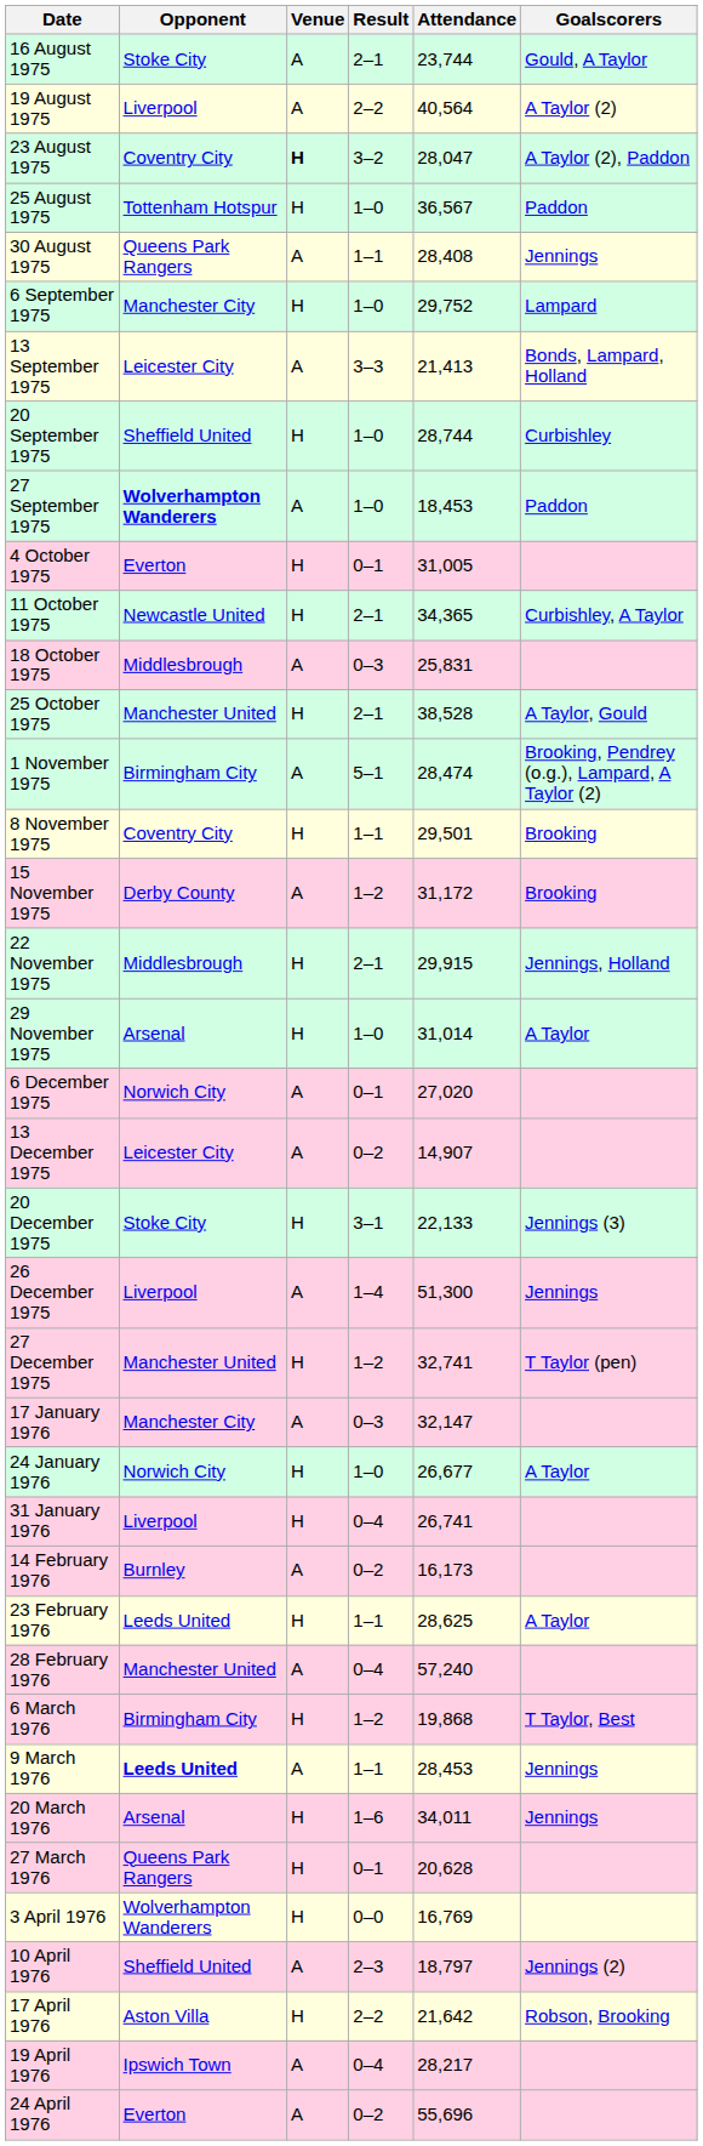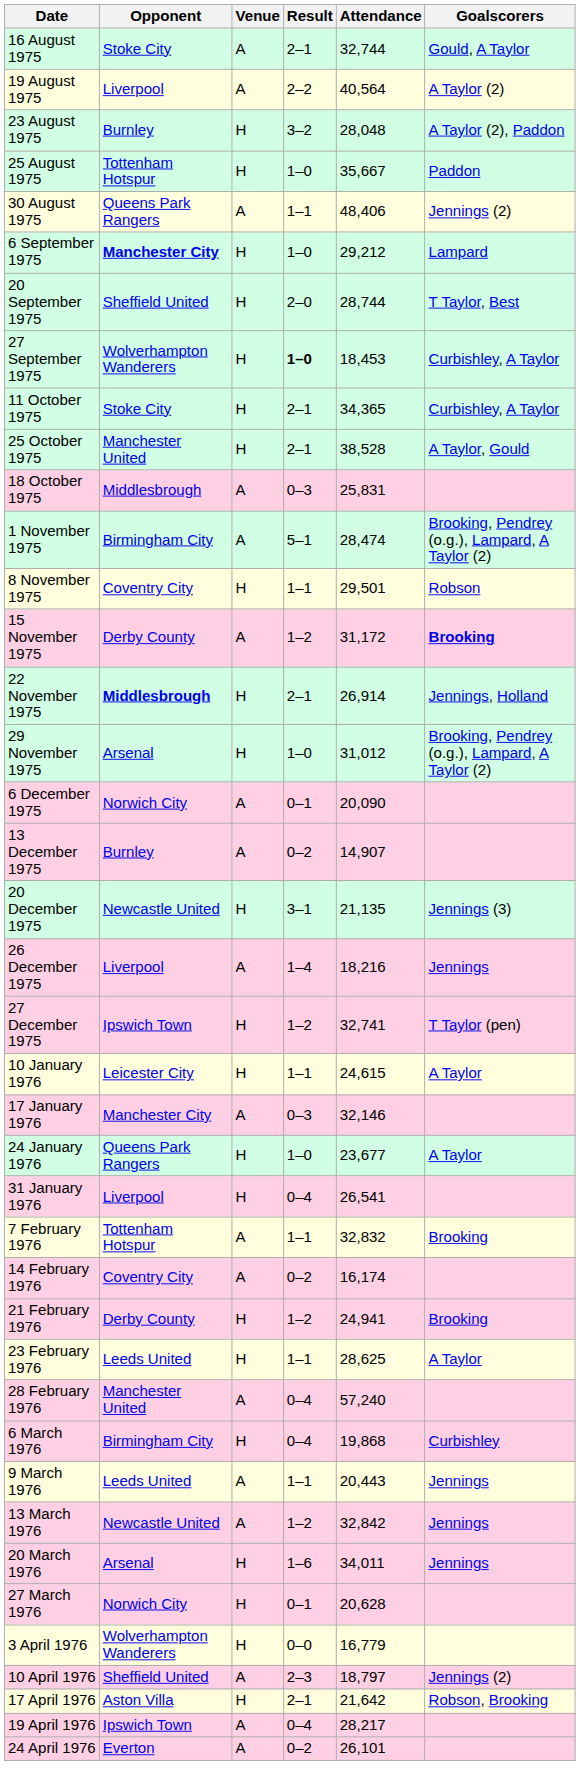 <table class="wikitable">
 <tr>
 <th>Date</th>
 <th>Opponent</th>
 <th>Venue</th>
 <th>Result</th>
 <th>Attendance</th>
 <th>Goalscorers</th>
 </tr>
 <tr style="background-color: #d0ffe3;">
 <td>16 August 1975</td>
 <td><a href='#'>Stoke City</a></td>
 <td>A</td>
 <td>2–1</td>
-<td>23,744</td>
+<td>32,744</td>
 <td><a href='#'>Gould</a>, <a href='#'>A Taylor</a></td>
 </tr>
 <tr style="background-color: #ffffdd;">
 <td>19 August 1975</td>
 <td><a href='#'>Liverpool</a></td>
 <td>A</td>
 <td>2–2</td>
 <td>40,564</td>
 <td><a href='#'>A Taylor</a> (2)</td>
 </tr>
 <tr style="background-color: #d0ffe3;">
 <td>23 August 1975</td>
-<td><a href='#'>Coventry City</a></td>
-<td><strong>H</strong></td>
+<td><a href='#'>Burnley</a></td>
+<td>H</td>
 <td>3–2</td>
-<td>28,047</td>
+<td>28,048</td>
 <td><a href='#'>A Taylor</a> (2), <a href='#'>Paddon</a></td>
 </tr>
 <tr style="background-color: #d0ffe3;">
 <td>25 August 1975</td>
 <td><a href='#'>Tottenham Hotspur</a></td>
 <td>H</td>
 <td>1–0</td>
-<td>36,567</td>
+<td>35,667</td>
 <td><a href='#'>Paddon</a></td>
 </tr>
 <tr style="background-color: #ffffdd;">
 <td>30 August 1975</td>
 <td><a href='#'>Queens Park Rangers</a></td>
 <td>A</td>
 <td>1–1</td>
-<td>28,408</td>
-<td><a href='#'>Jennings</a></td>
+<td>48,406</td>
+<td><a href='#'>Jennings</a> (2)</td>
 </tr>
 <tr style="background-color: #d0ffe3;">
 <td>6 September 1975</td>
-<td><a href='#'>Manchester City</a></td>
+<td><strong><a href='#'>Manchester City</a></strong></td>
 <td>H</td>
 <td>1–0</td>
-<td>29,752</td>
+<td>29,212</td>
 <td><a href='#'>Lampard</a></td>
-</tr>
-<tr style="background-color: #ffffdd;">
-<td>13 September 1975</td>
-<td><a href='#'>Leicester City</a></td>
-<td>A</td>
-<td>3–3</td>
-<td>21,413</td>
-<td><a href='#'>Bonds</a>, <a href='#'>Lampard</a>, <a href='#'>Holland</a></td>
 </tr>
 <tr style="background-color: #d0ffe3;">
 <td>20 September 1975</td>
 <td><a href='#'>Sheffield United</a></td>
 <td>H</td>
-<td>1–0</td>
+<td>2–0</td>
 <td>28,744</td>
-<td><a href='#'>Curbishley</a></td>
+<td><a href='#'>T Taylor</a>, <a href='#'>Best</a></td>
 </tr>
 <tr style="background-color: #d0ffe3;">
 <td>27 September 1975</td>
-<td><strong><a href='#'>Wolverhampton Wanderers</a></strong></td>
-<td>A</td>
-<td>1–0</td>
+<td><a href='#'>Wolverhampton Wanderers</a></td>
+<td>H</td>
+<td><strong>1–0</strong></td>
 <td>18,453</td>
-<td><a href='#'>Paddon</a></td>
-</tr>
-<tr style="background-color: #ffd0e3;">
-<td>4 October 1975</td>
-<td><a href='#'>Everton</a></td>
-<td>H</td>
-<td>0–1</td>
-<td>31,005</td>
-<td></td>
+<td><a href='#'>Curbishley</a>, <a href='#'>A Taylor</a></td>
 </tr>
 <tr style="background-color: #d0ffe3;">
 <td>11 October 1975</td>
-<td><a href='#'>Newcastle United</a></td>
+<td><a href='#'>Stoke City</a></td>
 <td>H</td>
 <td>2–1</td>
 <td>34,365</td>
 <td><a href='#'>Curbishley</a>, <a href='#'>A Taylor</a></td>
+</tr>
+<tr style="background-color: #d0ffe3;">
+<td>25 October 1975</td>
+<td><a href='#'>Manchester United</a></td>
+<td>H</td>
+<td>2–1</td>
+<td>38,528</td>
+<td><a href='#'>A Taylor</a>, <a href='#'>Gould</a></td>
 </tr>
 <tr style="background-color: #ffd0e3;">
 <td>18 October 1975</td>
 <td><a href='#'>Middlesbrough</a></td>
 <td>A</td>
 <td>0–3</td>
 <td>25,831</td>
 <td></td>
-</tr>
-<tr style="background-color: #d0ffe3;">
-<td>25 October 1975</td>
-<td><a href='#'>Manchester United</a></td>
-<td>H</td>
-<td>2–1</td>
-<td>38,528</td>
-<td><a href='#'>A Taylor</a>, <a href='#'>Gould</a></td>
 </tr>
 <tr style="background-color: #d0ffe3;">
 <td>1 November 1975</td>
 <td><a href='#'>Birmingham City</a></td>
 <td>A</td>
 <td>5–1</td>
 <td>28,474</td>
 <td><a href='#'>Brooking</a>, <a href='#'>Pendrey</a> (o.g.), <a href='#'>Lampard</a>, <a href='#'>A Taylor</a> (2)</td>
 </tr>
 <tr style="background-color: #ffffdd;">
 <td>8 November 1975</td>
 <td><a href='#'>Coventry City</a></td>
 <td>H</td>
 <td>1–1</td>
 <td>29,501</td>
-<td><a href='#'>Brooking</a></td>
+<td><a href='#'>Robson</a></td>
 </tr>
 <tr style="background-color: #ffd0e3;">
 <td>15 November 1975</td>
 <td><a href='#'>Derby County</a></td>
 <td>A</td>
 <td>1–2</td>
 <td>31,172</td>
-<td><a href='#'>Brooking</a></td>
+<td><strong><a href='#'>Brooking</a></strong></td>
 </tr>
 <tr style="background-color: #d0ffe3;">
 <td>22 November 1975</td>
-<td><a href='#'>Middlesbrough</a></td>
+<td><strong><a href='#'>Middlesbrough</a></strong></td>
 <td>H</td>
 <td>2–1</td>
-<td>29,915</td>
+<td>26,914</td>
 <td><a href='#'>Jennings</a>, <a href='#'>Holland</a></td>
 </tr>
 <tr style="background-color: #d0ffe3;">
 <td>29 November 1975</td>
 <td><a href='#'>Arsenal</a></td>
 <td>H</td>
 <td>1–0</td>
-<td>31,014</td>
-<td><a href='#'>A Taylor</a></td>
+<td>31,012</td>
+<td><a href='#'>Brooking</a>, <a href='#'>Pendrey</a> (o.g.), <a href='#'>Lampard</a>, <a href='#'>A Taylor</a> (2)</td>
 </tr>
 <tr style="background-color: #ffd0e3;">
 <td>6 December 1975</td>
 <td><a href='#'>Norwich City</a></td>
 <td>A</td>
 <td>0–1</td>
-<td>27,020</td>
+<td>20,090</td>
 <td></td>
 </tr>
 <tr style="background-color: #ffd0e3;">
 <td>13 December 1975</td>
-<td><a href='#'>Leicester City</a></td>
+<td><a href='#'>Burnley</a></td>
 <td>A</td>
 <td>0–2</td>
 <td>14,907</td>
 <td></td>
 </tr>
 <tr style="background-color: #d0ffe3;">
 <td>20 December 1975</td>
-<td><a href='#'>Stoke City</a></td>
+<td><a href='#'>Newcastle United</a></td>
 <td>H</td>
 <td>3–1</td>
-<td>22,133</td>
+<td>21,135</td>
 <td><a href='#'>Jennings</a> (3)</td>
 </tr>
 <tr style="background-color: #ffd0e3;">
 <td>26 December 1975</td>
 <td><a href='#'>Liverpool</a></td>
 <td>A</td>
 <td>1–4</td>
-<td>51,300</td>
+<td>18,216</td>
 <td><a href='#'>Jennings</a></td>
 </tr>
 <tr style="background-color: #ffd0e3;">
 <td>27 December 1975</td>
-<td><a href='#'>Manchester United</a></td>
+<td><a href='#'>Ipswich Town</a></td>
 <td>H</td>
 <td>1–2</td>
 <td>32,741</td>
 <td><a href='#'>T Taylor</a> (pen)</td>
+</tr>
+<tr style="background-color: #ffffdd;">
+<td>10 January 1976</td>
+<td><a href='#'>Leicester City</a></td>
+<td>H</td>
+<td>1–1</td>
+<td>24,615</td>
+<td><a href='#'>A Taylor</a></td>
 </tr>
 <tr style="background-color: #ffd0e3;">
 <td>17 January 1976</td>
 <td><a href='#'>Manchester City</a></td>
 <td>A</td>
 <td>0–3</td>
-<td>32,147</td>
+<td>32,146</td>
 <td></td>
 </tr>
 <tr style="background-color: #d0ffe3;">
 <td>24 January 1976</td>
-<td><a href='#'>Norwich City</a></td>
+<td><a href='#'>Queens Park Rangers</a></td>
 <td>H</td>
 <td>1–0</td>
-<td>26,677</td>
+<td>23,677</td>
 <td><a href='#'>A Taylor</a></td>
 </tr>
 <tr style="background-color: #ffd0e3;">
 <td>31 January 1976</td>
 <td><a href='#'>Liverpool</a></td>
 <td>H</td>
 <td>0–4</td>
-<td>26,741</td>
+<td>26,541</td>
+<td></td>
+</tr>
+<tr style="background-color: #ffffdd;">
+<td>7 February 1976</td>
+<td><a href='#'>Tottenham Hotspur</a></td>
+<td>A</td>
+<td>1–1</td>
+<td>32,832</td>
+<td><a href='#'>Brooking</a></td>
+</tr>
+<tr style="background-color: #ffd0e3;">
+<td>14 February 1976</td>
+<td><a href='#'>Coventry City</a></td>
+<td>A</td>
+<td>0–2</td>
+<td>16,174</td>
 <td></td>
 </tr>
 <tr style="background-color: #ffd0e3;">
-<td>14 February 1976</td>
-<td><a href='#'>Burnley</a></td>
-<td>A</td>
-<td>0–2</td>
-<td>16,173</td>
-<td></td>
+<td>21 February 1976</td>
+<td><a href='#'>Derby County</a></td>
+<td>H</td>
+<td>1–2</td>
+<td>24,941</td>
+<td><a href='#'>Brooking</a></td>
 </tr>
 <tr style="background-color: #ffffdd;">
 <td>23 February 1976</td>
 <td><a href='#'>Leeds United</a></td>
 <td>H</td>
 <td>1–1</td>
 <td>28,625</td>
 <td><a href='#'>A Taylor</a></td>
 </tr>
 <tr style="background-color: #ffd0e3;">
 <td>28 February 1976</td>
 <td><a href='#'>Manchester United</a></td>
 <td>A</td>
 <td>0–4</td>
 <td>57,240</td>
 <td></td>
 </tr>
 <tr style="background-color: #ffd0e3;">
 <td>6 March 1976</td>
 <td><a href='#'>Birmingham City</a></td>
 <td>H</td>
-<td>1–2</td>
+<td>0–4</td>
 <td>19,868</td>
-<td><a href='#'>T Taylor</a>, <a href='#'>Best</a></td>
+<td><a href='#'>Curbishley</a></td>
 </tr>
 <tr style="background-color: #ffffdd;">
 <td>9 March 1976</td>
-<td><strong><a href='#'>Leeds United</a></strong></td>
+<td><a href='#'>Leeds United</a></td>
 <td>A</td>
 <td>1–1</td>
-<td>28,453</td>
+<td>20,443</td>
+<td><a href='#'>Jennings</a></td>
+</tr>
+<tr style="background-color: #ffd0e3;">
+<td>13 March 1976</td>
+<td><a href='#'>Newcastle United</a></td>
+<td>A</td>
+<td>1–2</td>
+<td>32,842</td>
 <td><a href='#'>Jennings</a></td>
 </tr>
 <tr style="background-color: #ffd0e3;">
 <td>20 March 1976</td>
 <td><a href='#'>Arsenal</a></td>
 <td>H</td>
 <td>1–6</td>
 <td>34,011</td>
 <td><a href='#'>Jennings</a></td>
 </tr>
 <tr style="background-color: #ffd0e3;">
 <td>27 March 1976</td>
-<td><a href='#'>Queens Park Rangers</a></td>
+<td><a href='#'>Norwich City</a></td>
 <td>H</td>
 <td>0–1</td>
 <td>20,628</td>
 <td></td>
 </tr>
 <tr style="background-color: #ffffdd;">
 <td>3 April 1976</td>
 <td><a href='#'>Wolverhampton Wanderers</a></td>
 <td>H</td>
 <td>0–0</td>
-<td>16,769</td>
+<td>16,779</td>
 <td></td>
 </tr>
 <tr style="background-color: #ffd0e3;">
 <td>10 April 1976</td>
 <td><a href='#'>Sheffield United</a></td>
 <td>A</td>
 <td>2–3</td>
 <td>18,797</td>
 <td><a href='#'>Jennings</a> (2)</td>
 </tr>
 <tr style="background-color: #ffffdd;">
 <td>17 April 1976</td>
 <td><a href='#'>Aston Villa</a></td>
 <td>H</td>
-<td>2–2</td>
+<td>2–1</td>
 <td>21,642</td>
 <td><a href='#'>Robson</a>, <a href='#'>Brooking</a></td>
 </tr>
 <tr style="background-color: #ffd0e3;">
 <td>19 April 1976</td>
 <td><a href='#'>Ipswich Town</a></td>
 <td>A</td>
 <td>0–4</td>
 <td>28,217</td>
 <td></td>
 </tr>
 <tr style="background-color: #ffd0e3;">
 <td>24 April 1976</td>
 <td><a href='#'>Everton</a></td>
 <td>A</td>
 <td>0–2</td>
-<td>55,696</td>
+<td>26,101</td>
 <td></td>
 </tr>
 </table>
